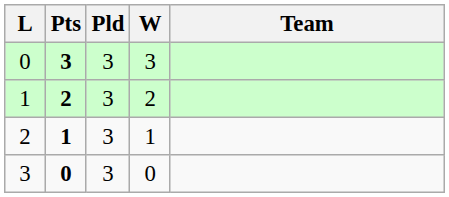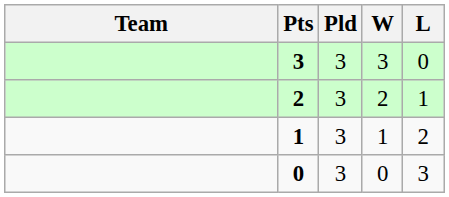 <table class=wikitable style="text-align:center; font-size:95%">
 <tr>
-<th width=20>L</th>
+<th width=175>Team</th>
 <th width=20>Pts</th>
 <th width=20>Pld</th>
 <th width=20>W</th>
-<th width=175>Team</th>
+<th width=20>L</th>
 </tr>
 <tr bgcolor=ccffcc>
-<td>0</td>
+<td style="text-align:left"></td>
 <td><strong>3</strong></td>
 <td>3</td>
 <td>3</td>
-<td style="text-align:left"></td>
+<td>0</td>
 </tr>
 <tr bgcolor=ccffcc>
-<td>1</td>
+<td style="text-align:left"></td>
 <td><strong>2</strong></td>
 <td>3</td>
 <td>2</td>
-<td style="text-align:left"></td>
+<td>1</td>
 </tr>
 <tr>
-<td>2</td>
+<td style="text-align:left"></td>
 <td><strong>1</strong></td>
 <td>3</td>
 <td>1</td>
-<td style="text-align:left"></td>
+<td>2</td>
 </tr>
 <tr>
-<td>3</td>
+<td style="text-align:left"></td>
 <td><strong>0</strong></td>
 <td>3</td>
 <td>0</td>
-<td style="text-align:left"></td>
+<td>3</td>
 </tr>
 </table>
